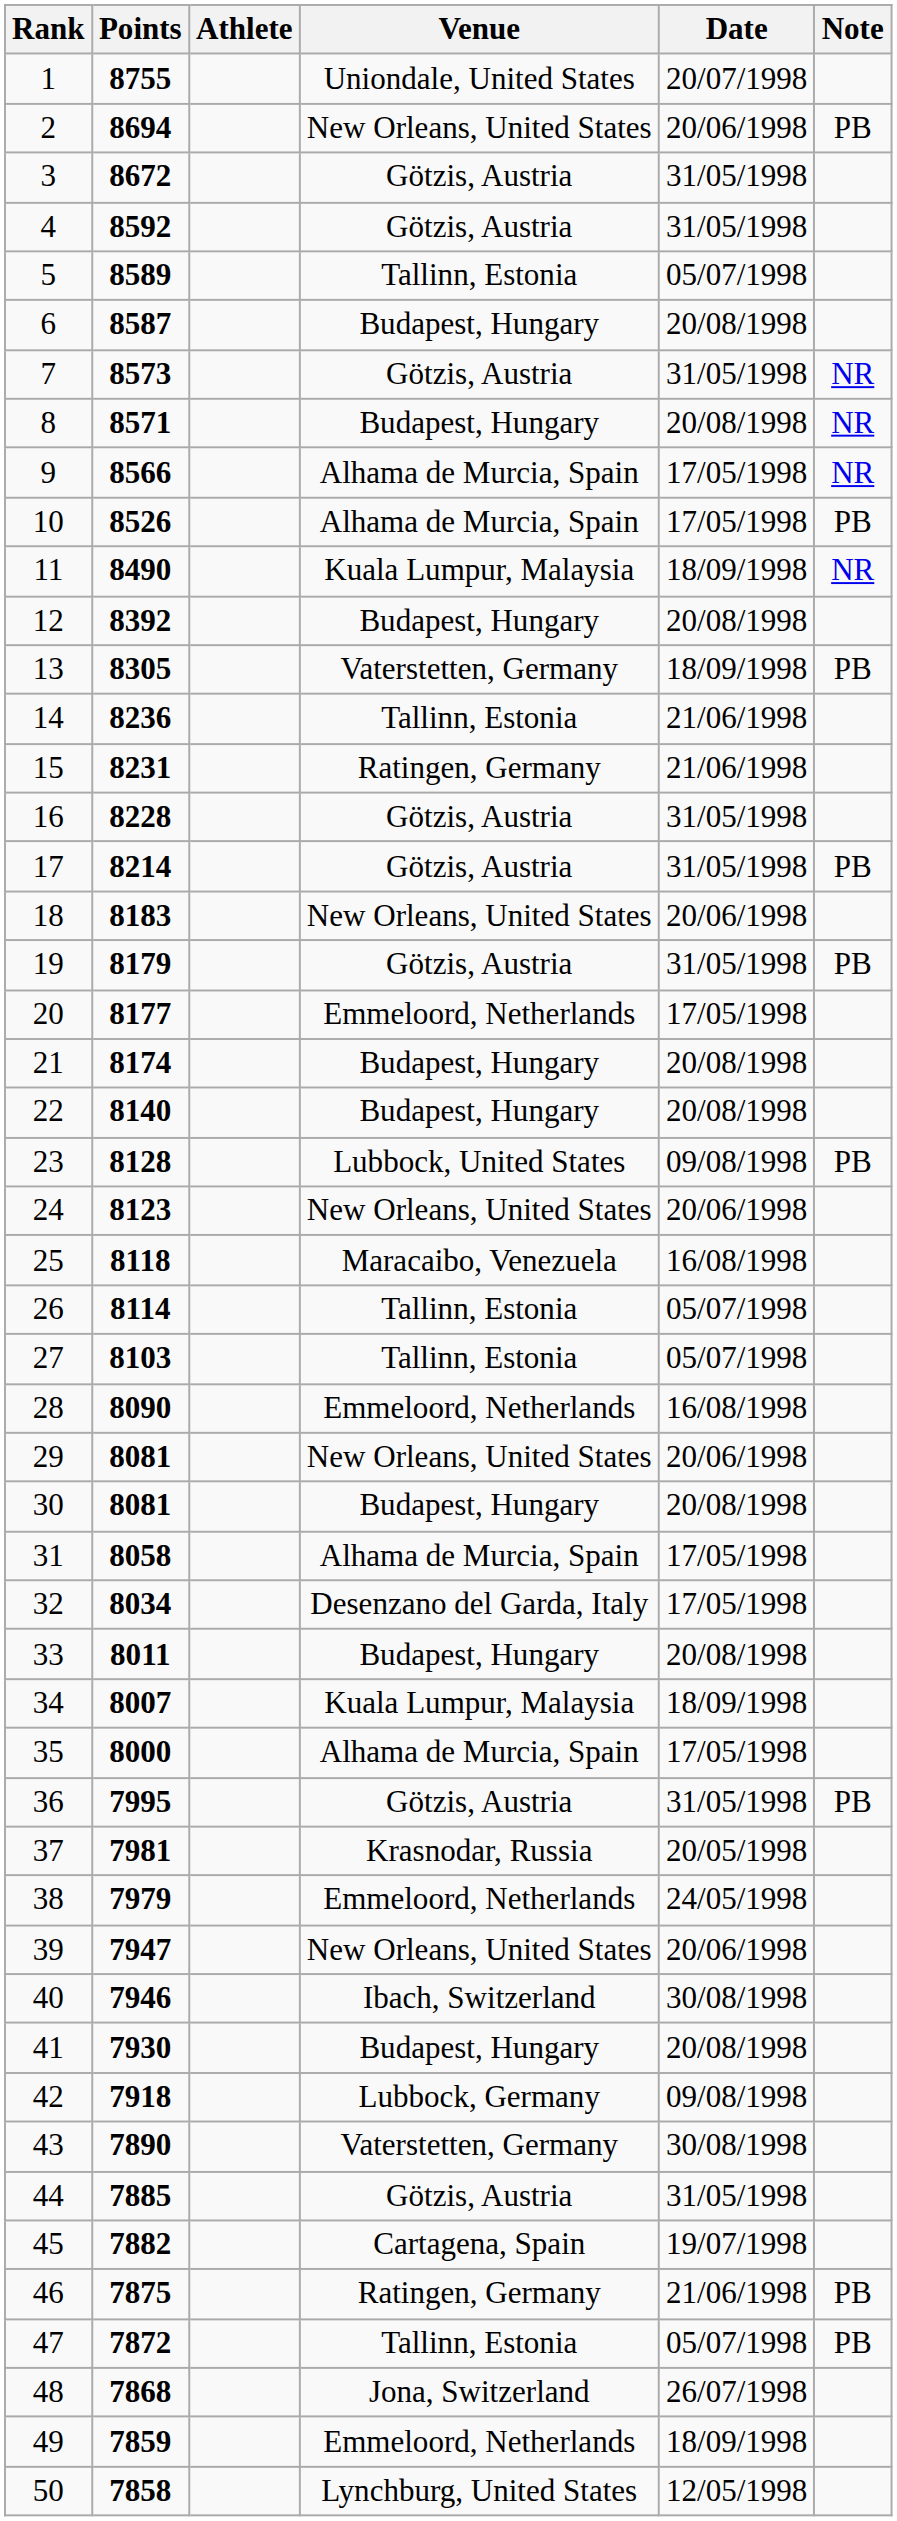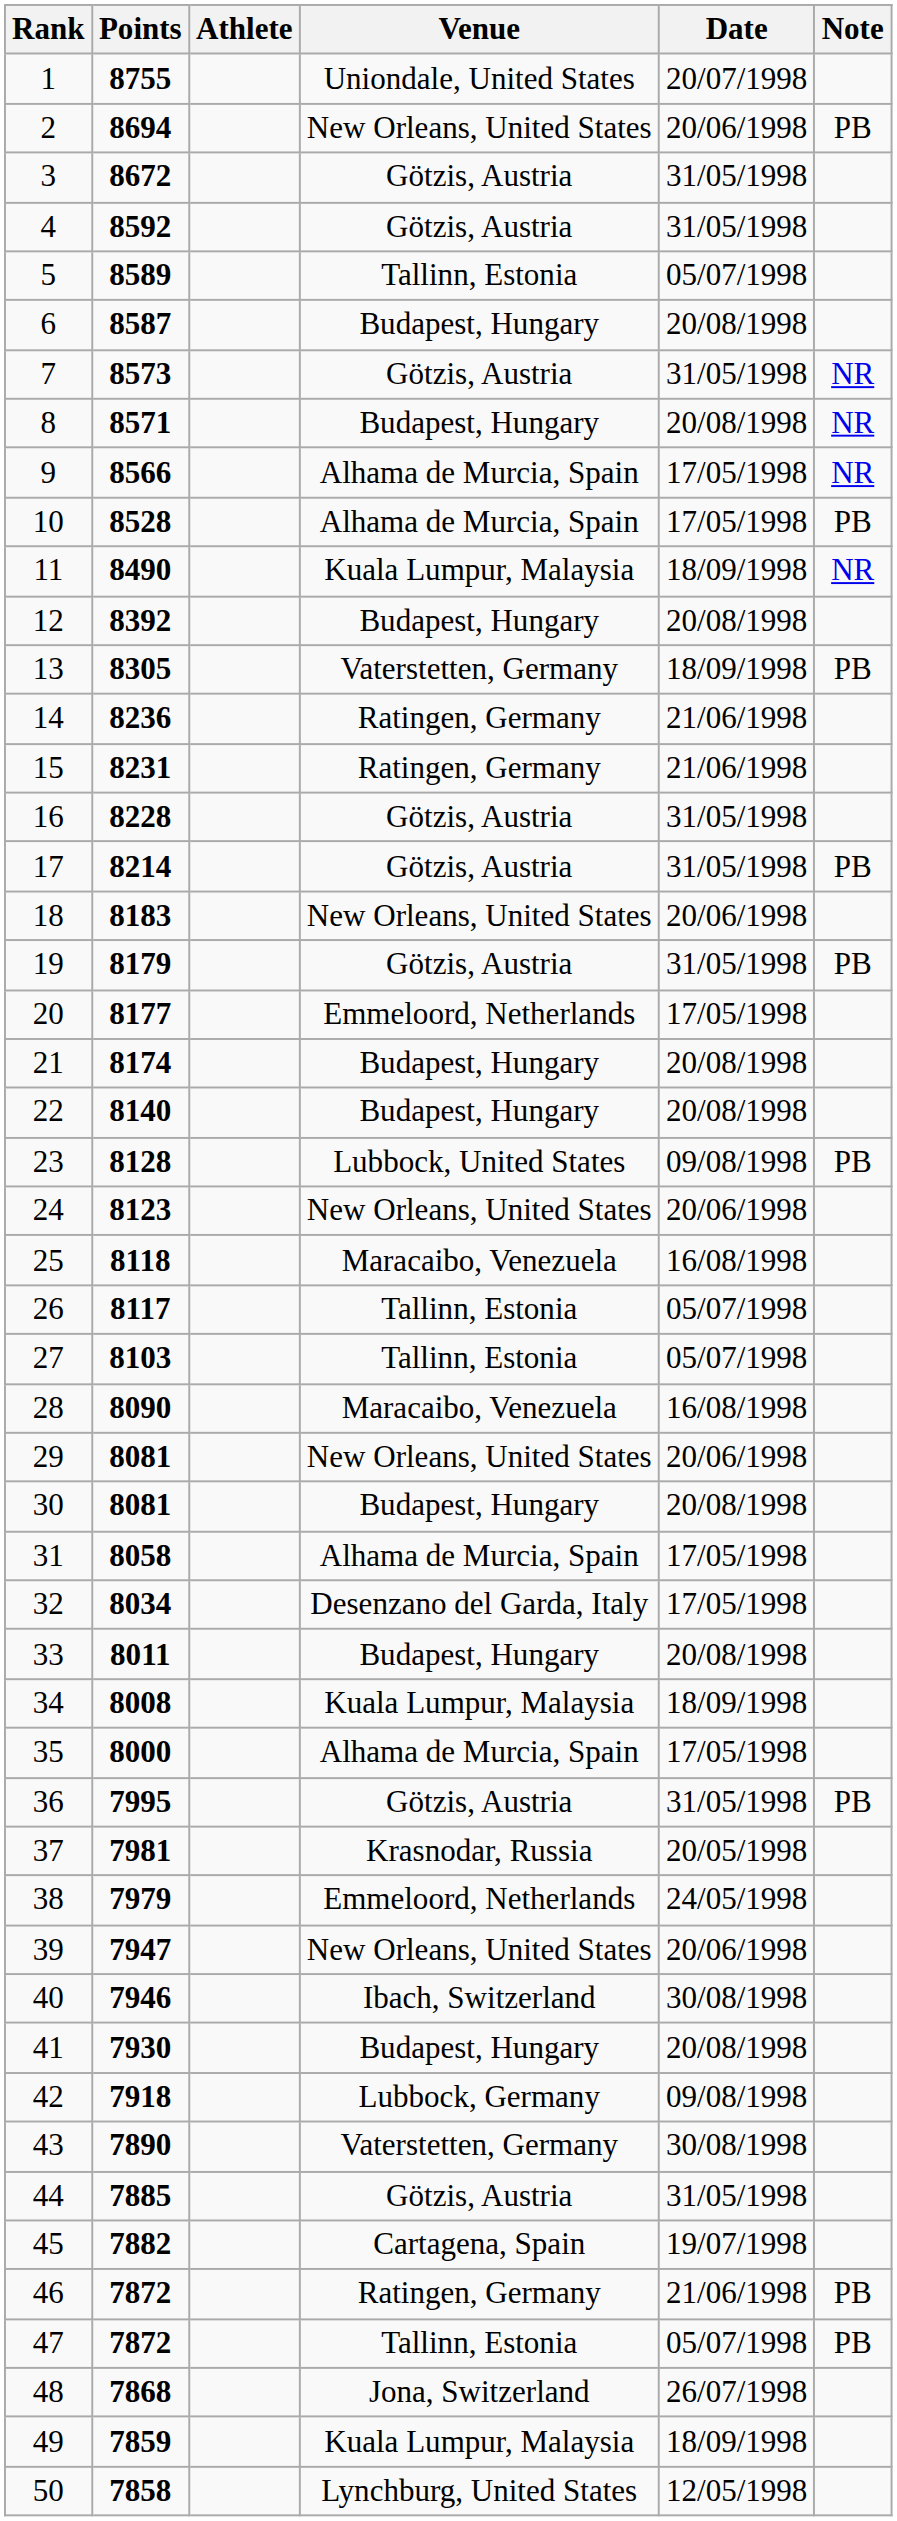 <table class="wikitable" style=" text-align:center;">
 <tr>
 <th>Rank</th>
 <th>Points</th>
 <th>Athlete</th>
 <th>Venue</th>
 <th>Date</th>
 <th>Note</th>
 </tr>
 <tr>
 <td>1</td>
 <td><strong>8755</strong></td>
 <td align=left></td>
 <td>Uniondale, United States</td>
 <td>20/07/1998</td>
 <td></td>
 </tr>
 <tr>
 <td>2</td>
 <td><strong>8694</strong></td>
 <td align=left></td>
 <td>New Orleans, United States</td>
 <td>20/06/1998</td>
 <td>PB</td>
 </tr>
 <tr>
 <td>3</td>
 <td><strong>8672</strong></td>
 <td align=left></td>
 <td>Götzis, Austria</td>
 <td>31/05/1998</td>
 <td></td>
 </tr>
 <tr>
 <td>4</td>
 <td><strong>8592</strong></td>
 <td align=left></td>
 <td>Götzis, Austria</td>
 <td>31/05/1998</td>
 <td></td>
 </tr>
 <tr>
 <td>5</td>
 <td><strong>8589</strong></td>
 <td align=left></td>
 <td>Tallinn, Estonia</td>
 <td>05/07/1998</td>
 <td></td>
 </tr>
 <tr>
 <td>6</td>
 <td><strong>8587</strong></td>
 <td align=left></td>
 <td>Budapest, Hungary</td>
 <td>20/08/1998</td>
 <td></td>
 </tr>
 <tr>
 <td>7</td>
 <td><strong>8573</strong></td>
 <td align=left></td>
 <td>Götzis, Austria</td>
 <td>31/05/1998</td>
 <td><a href='#'>NR</a></td>
 </tr>
 <tr>
 <td>8</td>
 <td><strong>8571</strong></td>
 <td align=left></td>
 <td>Budapest, Hungary</td>
 <td>20/08/1998</td>
 <td><a href='#'>NR</a></td>
 </tr>
 <tr>
 <td>9</td>
 <td><strong>8566</strong></td>
 <td align=left></td>
 <td>Alhama de Murcia, Spain</td>
 <td>17/05/1998</td>
 <td><a href='#'>NR</a></td>
 </tr>
 <tr>
 <td>10</td>
-<td><strong>8526</strong></td>
+<td><strong>8528</strong></td>
 <td align=left></td>
 <td>Alhama de Murcia, Spain</td>
 <td>17/05/1998</td>
 <td>PB</td>
 </tr>
 <tr>
 <td>11</td>
 <td><strong>8490</strong></td>
 <td align=left></td>
 <td>Kuala Lumpur, Malaysia</td>
 <td>18/09/1998</td>
 <td><a href='#'>NR</a></td>
 </tr>
 <tr>
 <td>12</td>
 <td><strong>8392</strong></td>
 <td align=left></td>
 <td>Budapest, Hungary</td>
 <td>20/08/1998</td>
 <td></td>
 </tr>
 <tr>
 <td>13</td>
 <td><strong>8305</strong></td>
 <td align=left></td>
 <td>Vaterstetten, Germany</td>
 <td>18/09/1998</td>
 <td>PB</td>
 </tr>
 <tr>
 <td>14</td>
 <td><strong>8236</strong></td>
 <td align=left></td>
-<td>Tallinn, Estonia</td>
+<td>Ratingen, Germany</td>
 <td>21/06/1998</td>
 <td></td>
 </tr>
 <tr>
 <td>15</td>
 <td><strong>8231</strong></td>
 <td align=left></td>
 <td>Ratingen, Germany</td>
 <td>21/06/1998</td>
 <td></td>
 </tr>
 <tr>
 <td>16</td>
 <td><strong>8228</strong></td>
 <td align=left></td>
 <td>Götzis, Austria</td>
 <td>31/05/1998</td>
 <td></td>
 </tr>
 <tr>
 <td>17</td>
 <td><strong>8214</strong></td>
 <td align=left></td>
 <td>Götzis, Austria</td>
 <td>31/05/1998</td>
 <td>PB</td>
 </tr>
 <tr>
 <td>18</td>
 <td><strong>8183</strong></td>
 <td align=left></td>
 <td>New Orleans, United States</td>
 <td>20/06/1998</td>
 <td></td>
 </tr>
 <tr>
 <td>19</td>
 <td><strong>8179</strong></td>
 <td align=left></td>
 <td>Götzis, Austria</td>
 <td>31/05/1998</td>
 <td>PB</td>
 </tr>
 <tr>
 <td>20</td>
 <td><strong>8177</strong></td>
 <td align=left></td>
 <td>Emmeloord, Netherlands</td>
 <td>17/05/1998</td>
 <td></td>
 </tr>
 <tr>
 <td>21</td>
 <td><strong>8174</strong></td>
 <td align=left></td>
 <td>Budapest, Hungary</td>
 <td>20/08/1998</td>
 <td></td>
 </tr>
 <tr>
 <td>22</td>
 <td><strong>8140</strong></td>
 <td align=left></td>
 <td>Budapest, Hungary</td>
 <td>20/08/1998</td>
 <td></td>
 </tr>
 <tr>
 <td>23</td>
 <td><strong>8128</strong></td>
 <td align=left></td>
 <td>Lubbock, United States</td>
 <td>09/08/1998</td>
 <td>PB</td>
 </tr>
 <tr>
 <td>24</td>
 <td><strong>8123</strong></td>
 <td align=left></td>
 <td>New Orleans, United States</td>
 <td>20/06/1998</td>
 <td></td>
 </tr>
 <tr>
 <td>25</td>
 <td><strong>8118</strong></td>
 <td align=left></td>
 <td>Maracaibo, Venezuela</td>
 <td>16/08/1998</td>
 <td></td>
 </tr>
 <tr>
 <td>26</td>
-<td><strong>8114</strong></td>
+<td><strong>8117</strong></td>
 <td align=left></td>
 <td>Tallinn, Estonia</td>
 <td>05/07/1998</td>
 <td></td>
 </tr>
 <tr>
 <td>27</td>
 <td><strong>8103</strong></td>
 <td align=left></td>
 <td>Tallinn, Estonia</td>
 <td>05/07/1998</td>
 <td></td>
 </tr>
 <tr>
 <td>28</td>
 <td><strong>8090</strong></td>
 <td align=left></td>
-<td>Emmeloord, Netherlands</td>
+<td>Maracaibo, Venezuela</td>
 <td>16/08/1998</td>
 <td></td>
 </tr>
 <tr>
 <td>29</td>
 <td><strong>8081</strong></td>
 <td align=left></td>
 <td>New Orleans, United States</td>
 <td>20/06/1998</td>
 <td></td>
 </tr>
 <tr>
 <td>30</td>
 <td><strong>8081</strong></td>
 <td align=left></td>
 <td>Budapest, Hungary</td>
 <td>20/08/1998</td>
 <td></td>
 </tr>
 <tr>
 <td>31</td>
 <td><strong>8058</strong></td>
 <td align=left></td>
 <td>Alhama de Murcia, Spain</td>
 <td>17/05/1998</td>
 <td></td>
 </tr>
 <tr>
 <td>32</td>
 <td><strong>8034</strong></td>
 <td align=left></td>
 <td>Desenzano del Garda, Italy</td>
 <td>17/05/1998</td>
 <td></td>
 </tr>
 <tr>
 <td>33</td>
 <td><strong>8011</strong></td>
 <td align=left></td>
 <td>Budapest, Hungary</td>
 <td>20/08/1998</td>
 <td></td>
 </tr>
 <tr>
 <td>34</td>
-<td><strong>8007</strong></td>
+<td><strong>8008</strong></td>
 <td align=left></td>
 <td>Kuala Lumpur, Malaysia</td>
 <td>18/09/1998</td>
 <td></td>
 </tr>
 <tr>
 <td>35</td>
 <td><strong>8000</strong></td>
 <td align=left></td>
 <td>Alhama de Murcia, Spain</td>
 <td>17/05/1998</td>
 <td></td>
 </tr>
 <tr>
 <td>36</td>
 <td><strong>7995</strong></td>
 <td align=left></td>
 <td>Götzis, Austria</td>
 <td>31/05/1998</td>
 <td>PB</td>
 </tr>
 <tr>
 <td>37</td>
 <td><strong>7981</strong></td>
 <td align=left></td>
 <td>Krasnodar, Russia</td>
 <td>20/05/1998</td>
 <td></td>
 </tr>
 <tr>
 <td>38</td>
 <td><strong>7979</strong></td>
 <td align=left></td>
 <td>Emmeloord, Netherlands</td>
 <td>24/05/1998</td>
 <td></td>
 </tr>
 <tr>
 <td>39</td>
 <td><strong>7947</strong></td>
 <td align=left></td>
 <td>New Orleans, United States</td>
 <td>20/06/1998</td>
 <td></td>
 </tr>
 <tr>
 <td>40</td>
 <td><strong>7946</strong></td>
 <td align=left></td>
 <td>Ibach, Switzerland</td>
 <td>30/08/1998</td>
 <td></td>
 </tr>
 <tr>
 <td>41</td>
 <td><strong>7930</strong></td>
 <td align=left></td>
 <td>Budapest, Hungary</td>
 <td>20/08/1998</td>
 <td></td>
 </tr>
 <tr>
 <td>42</td>
 <td><strong>7918</strong></td>
 <td align=left></td>
 <td>Lubbock, Germany</td>
 <td>09/08/1998</td>
 <td></td>
 </tr>
 <tr>
 <td>43</td>
 <td><strong>7890</strong></td>
 <td align=left></td>
 <td>Vaterstetten, Germany</td>
 <td>30/08/1998</td>
 <td></td>
 </tr>
 <tr>
 <td>44</td>
 <td><strong>7885</strong></td>
 <td align=left></td>
 <td>Götzis, Austria</td>
 <td>31/05/1998</td>
 <td></td>
 </tr>
 <tr>
 <td>45</td>
 <td><strong>7882</strong></td>
 <td align=left></td>
 <td>Cartagena, Spain</td>
 <td>19/07/1998</td>
 <td></td>
 </tr>
 <tr>
 <td>46</td>
-<td><strong>7875</strong></td>
+<td><strong>7872</strong></td>
 <td align=left></td>
 <td>Ratingen, Germany</td>
 <td>21/06/1998</td>
 <td>PB</td>
 </tr>
 <tr>
 <td>47</td>
 <td><strong>7872</strong></td>
 <td align=left></td>
 <td>Tallinn, Estonia</td>
 <td>05/07/1998</td>
 <td>PB</td>
 </tr>
 <tr>
 <td>48</td>
 <td><strong>7868</strong></td>
 <td align=left></td>
 <td>Jona, Switzerland</td>
 <td>26/07/1998</td>
 <td></td>
 </tr>
 <tr>
 <td>49</td>
 <td><strong>7859</strong></td>
 <td align=left></td>
-<td>Emmeloord, Netherlands</td>
+<td>Kuala Lumpur, Malaysia</td>
 <td>18/09/1998</td>
 <td></td>
 </tr>
 <tr>
 <td>50</td>
 <td><strong>7858</strong></td>
 <td align=left></td>
 <td>Lynchburg, United States</td>
 <td>12/05/1998</td>
 <td></td>
 </tr>
 </table>
